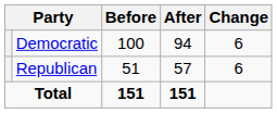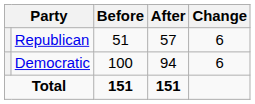 <table class="wikitable" style="text-align:center;">
 <tr>
 <th colspan="2">Party</th>
 <th>Before</th>
 <th>After</th>
 <th>Change</th>
 </tr>
 <tr>
 <th style="background-color:"></th>
-<td style="text-align:left;"><a href='#'>Democratic</a></td>
-<td>100</td>
-<td>94</td>
+<td style="text-align:left;"><a href='#'>Republican</a></td>
+<td>51</td>
+<td>57</td>
 <td> 6</td>
 </tr>
 <tr>
 <th style="background-color:"></th>
-<td style="text-align:left;"><a href='#'>Republican</a></td>
-<td>51</td>
-<td>57</td>
+<td style="text-align:left;"><a href='#'>Democratic</a></td>
+<td>100</td>
+<td>94</td>
 <td> 6</td>
 </tr>
 <tr>
 <td colspan="2"><strong>Total</strong></td>
 <td><strong>151</strong></td>
 <td><strong>151</strong></td>
 <td></td>
 </tr>
 </table>
